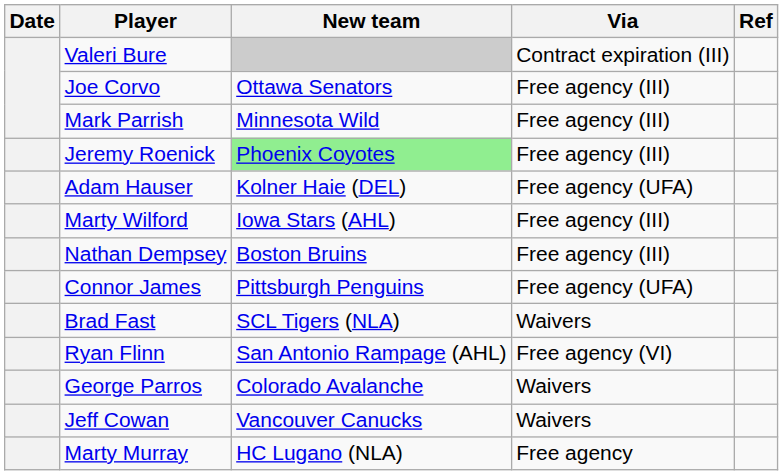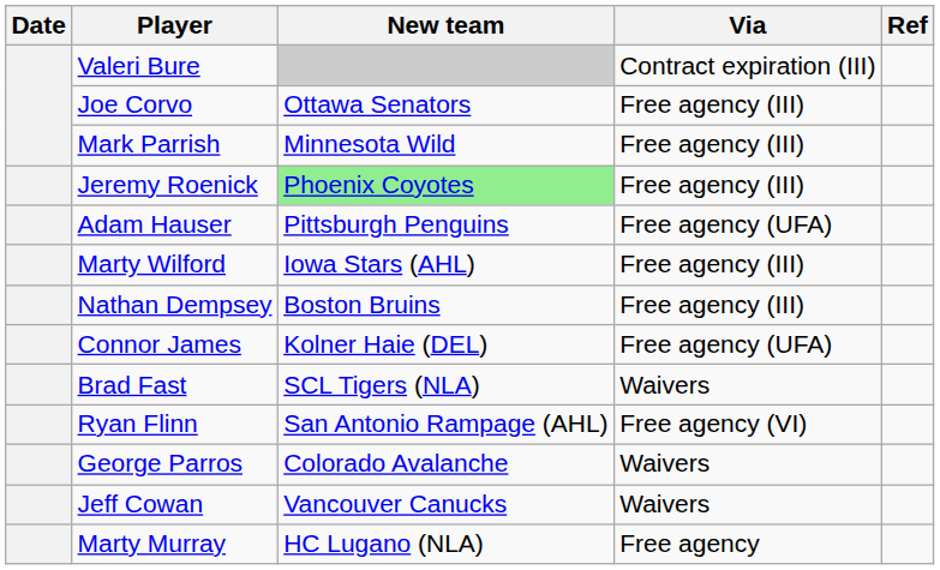 <table class="wikitable plainrowheaders">
 <tr style="background:#ddd; text-align:center;">
 <th>Date</th>
 <th>Player</th>
 <th>New team</th>
 <th>Via</th>
 <th>Ref</th>
 </tr>
 <tr>
 <th scope="row" rowspan=3></th>
 <td><a href='#'>Valeri Bure</a></td>
 <td style="background:#ccc"></td>
 <td>Contract expiration (III)</td>
 <td></td>
 </tr>
 <tr>
 <td><a href='#'>Joe Corvo</a></td>
 <td><a href='#'>Ottawa Senators</a></td>
 <td>Free agency (III)</td>
 <td></td>
 </tr>
 <tr>
 <td><a href='#'>Mark Parrish</a></td>
 <td><a href='#'>Minnesota Wild</a></td>
 <td>Free agency (III)</td>
 <td></td>
 </tr>
 <tr>
 <th scope="row"></th>
 <td><a href='#'>Jeremy Roenick</a></td>
 <td style="background: lightgreen;"><a href='#'>Phoenix Coyotes</a></td>
 <td>Free agency (III)</td>
 <td></td>
 </tr>
 <tr>
 <th scope="row"></th>
 <td><a href='#'>Adam Hauser</a></td>
-<td><a href='#'>Kolner Haie</a> (<a href='#'>DEL</a>)</td>
+<td><a href='#'>Pittsburgh Penguins</a></td>
 <td>Free agency (UFA)</td>
 <td></td>
 </tr>
 <tr>
 <th scope="row"></th>
 <td><a href='#'>Marty Wilford</a></td>
 <td><a href='#'>Iowa Stars</a> (<a href='#'>AHL</a>)</td>
 <td>Free agency (III)</td>
 <td></td>
 </tr>
 <tr>
 <th scope="row"></th>
 <td><a href='#'>Nathan Dempsey</a></td>
 <td><a href='#'>Boston Bruins</a></td>
 <td>Free agency (III)</td>
 <td></td>
 </tr>
 <tr>
 <th scope="row"></th>
 <td><a href='#'>Connor James</a></td>
-<td><a href='#'>Pittsburgh Penguins</a></td>
+<td><a href='#'>Kolner Haie</a> (<a href='#'>DEL</a>)</td>
 <td>Free agency (UFA)</td>
 <td></td>
 </tr>
 <tr>
 <th scope="row"></th>
 <td><a href='#'>Brad Fast</a></td>
 <td><a href='#'>SCL Tigers</a> (<a href='#'>NLA</a>)</td>
 <td>Waivers</td>
 <td></td>
 </tr>
 <tr>
 <th scope="row"></th>
 <td><a href='#'>Ryan Flinn</a></td>
 <td><a href='#'>San Antonio Rampage</a> (AHL)</td>
 <td>Free agency (VI)</td>
 <td></td>
 </tr>
 <tr>
 <th scope="row"></th>
 <td><a href='#'>George Parros</a></td>
 <td><a href='#'>Colorado Avalanche</a></td>
 <td>Waivers</td>
 <td></td>
 </tr>
 <tr>
 <th scope="row"></th>
 <td><a href='#'>Jeff Cowan</a></td>
 <td><a href='#'>Vancouver Canucks</a></td>
 <td>Waivers</td>
 <td></td>
 </tr>
 <tr>
 <th scope="row"></th>
 <td><a href='#'>Marty Murray</a></td>
 <td><a href='#'>HC Lugano</a> (NLA)</td>
 <td>Free agency</td>
 <td></td>
 </tr>
 </table>
